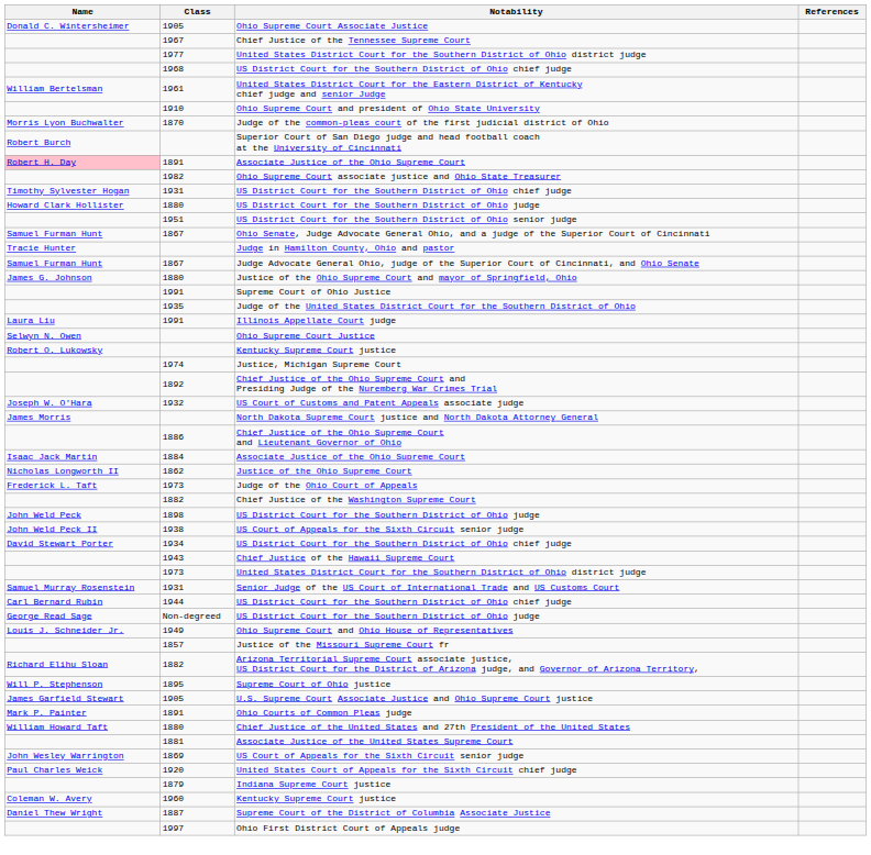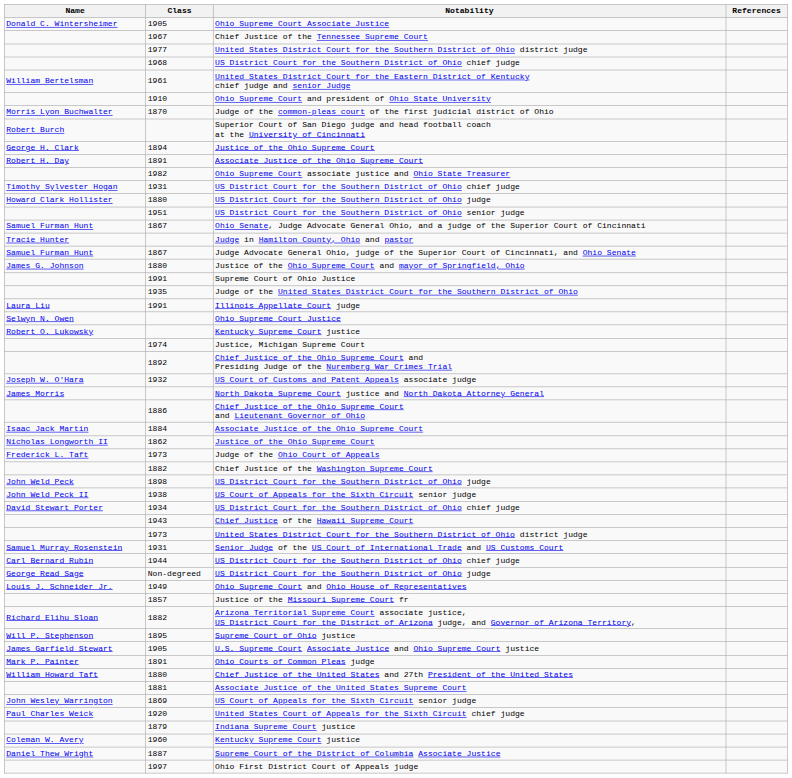 <table class="wikitable sortable" " style="width:100%;">
 <tr>
 <th>Name</th>
 <th>Class</th>
 <th>Notability</th>
 <th>References</th>
 </tr>
 <tr>
 <td><a href='#'>Donald C. Wintersheimer</a></td>
 <td>1905</td>
 <td><a href='#'>Ohio Supreme Court Associate Justice</a></td>
 <td></td>
 </tr>
 <tr>
 <td></td>
 <td>1967</td>
 <td>Chief Justice of the <a href='#'>Tennessee Supreme Court</a></td>
 <td></td>
 </tr>
 <tr>
 <td></td>
 <td>1977</td>
 <td><a href='#'>United States District Court for the Southern District of Ohio</a> district judge</td>
 <td></td>
 </tr>
 <tr>
 <td></td>
 <td>1968</td>
 <td><a href='#'>US District Court for the Southern District of Ohio</a> chief judge</td>
 <td></td>
 </tr>
 <tr>
 <td><a href='#'>William Bertelsman</a></td>
 <td>1961</td>
 <td><a href='#'>United States District Court for the Eastern District of Kentucky</a><br>chief judge and <a href='#'>senior Judge</a></td>
 <td></td>
 </tr>
 <tr>
 <td></td>
 <td>1910</td>
 <td><a href='#'>Ohio Supreme Court</a> and president of <a href='#'>Ohio State University</a></td>
 <td></td>
 </tr>
 <tr>
 <td><a href='#'>Morris Lyon Buchwalter</a></td>
 <td>1870</td>
 <td>Judge of the <a href='#'>common-pleas court</a> of the first judicial district of Ohio</td>
 <td></td>
 </tr>
 <tr>
 <td><a href='#'>Robert Burch</a></td>
 <td></td>
 <td>Superior Court of San Diego judge and head football coach<br>at the <a href='#'>University of Cincinnati</a></td>
 <td></td>
 </tr>
 <tr>
-<td style="background: pink;"><a href='#'>Robert H. Day</a></td>
+<td><a href='#'>George H. Clark</a></td>
+<td>1894</td>
+<td><a href='#'>Justice of the Ohio Supreme Court</a></td>
+<td></td>
+</tr>
+<tr>
+<td><a href='#'>Robert H. Day</a></td>
 <td>1891</td>
 <td><a href='#'>Associate Justice of the Ohio Supreme Court</a></td>
 <td></td>
 </tr>
 <tr>
 <td></td>
 <td>1982</td>
 <td><a href='#'>Ohio Supreme Court</a> associate justice and <a href='#'>Ohio State Treasurer</a></td>
 <td></td>
 </tr>
 <tr>
 <td><a href='#'>Timothy Sylvester Hogan</a></td>
 <td>1931</td>
 <td><a href='#'>US District Court for the Southern District of Ohio</a> chief judge</td>
 <td></td>
 </tr>
 <tr>
 <td><a href='#'>Howard Clark Hollister</a></td>
 <td>1880</td>
 <td><a href='#'>US District Court for the Southern District of Ohio</a> judge</td>
 <td></td>
 </tr>
 <tr>
 <td></td>
 <td>1951</td>
 <td><a href='#'>US District Court for the Southern District of Ohio</a> senior judge</td>
 <td></td>
 </tr>
 <tr>
 <td><a href='#'>Samuel Furman Hunt</a></td>
 <td>1867</td>
 <td><a href='#'>Ohio Senate</a>, Judge Advocate General Ohio, and a judge of the Superior Court of Cincinnati</td>
 <td></td>
 </tr>
 <tr>
 <td><a href='#'>Tracie Hunter</a></td>
 <td></td>
 <td><a href='#'>Judge</a> in <a href='#'>Hamilton County, Ohio</a> and <a href='#'>pastor</a></td>
 <td></td>
 </tr>
 <tr>
 <td><a href='#'>Samuel Furman Hunt</a></td>
 <td>1867</td>
 <td>Judge Advocate General Ohio, judge of the Superior Court of Cincinnati, and <a href='#'>Ohio Senate</a></td>
 <td></td>
 </tr>
 <tr>
 <td><a href='#'>James G. Johnson</a></td>
 <td>1880</td>
 <td>Justice of the <a href='#'>Ohio Supreme Court</a> and <a href='#'>mayor of Springfield, Ohio</a></td>
 <td></td>
 </tr>
 <tr>
 <td></td>
 <td>1991</td>
 <td>Supreme Court of Ohio Justice</td>
 <td></td>
 </tr>
 <tr>
 <td></td>
 <td>1935</td>
 <td>Judge of the <a href='#'>United States District Court for the Southern District of Ohio</a></td>
 <td></td>
 </tr>
 <tr>
 <td><a href='#'>Laura Liu</a></td>
 <td>1991</td>
 <td><a href='#'>Illinois Appellate Court</a> judge</td>
 <td></td>
 </tr>
 <tr>
 <td><a href='#'>Selwyn N. Owen</a></td>
 <td></td>
 <td><a href='#'>Ohio Supreme Court Justice</a></td>
 <td></td>
 </tr>
 <tr>
 <td><a href='#'>Robert O. Lukowsky</a></td>
 <td></td>
 <td><a href='#'>Kentucky Supreme Court</a> justice</td>
 <td></td>
 </tr>
 <tr>
 <td></td>
 <td>1974</td>
 <td>Justice, Michigan Supreme Court</td>
 <td></td>
 </tr>
 <tr>
 <td></td>
 <td>1892</td>
 <td><a href='#'>Chief Justice of the Ohio Supreme Court</a> and<br>Presiding Judge of the <a href='#'>Nuremberg War Crimes Trial</a></td>
 <td></td>
 </tr>
 <tr>
 <td><a href='#'>Joseph W. O'Hara</a></td>
 <td>1932</td>
 <td><a href='#'>US Court of Customs and Patent Appeals</a> associate judge</td>
 <td></td>
 </tr>
 <tr>
 <td><a href='#'>James Morris</a></td>
 <td></td>
 <td><a href='#'>North Dakota Supreme Court</a> justice and <a href='#'>North Dakota Attorney General</a></td>
 <td></td>
 </tr>
 <tr>
 <td></td>
 <td>1886</td>
 <td><a href='#'>Chief Justice of the Ohio Supreme Court</a><br>and <a href='#'>Lieutenant Governor of Ohio</a></td>
 <td></td>
 </tr>
 <tr>
 <td><a href='#'>Isaac Jack Martin</a></td>
 <td>1884</td>
 <td><a href='#'>Associate Justice of the Ohio Supreme Court</a></td>
 <td></td>
 </tr>
 <tr>
 <td><a href='#'>Nicholas Longworth II</a></td>
 <td>1862</td>
 <td><a href='#'>Justice of the Ohio Supreme Court</a></td>
 <td></td>
 </tr>
 <tr>
 <td><a href='#'>Frederick L. Taft</a></td>
 <td>1973</td>
 <td>Judge of the <a href='#'>Ohio Court of Appeals</a></td>
 <td></td>
 </tr>
 <tr>
 <td></td>
 <td>1882</td>
 <td>Chief Justice of the <a href='#'>Washington Supreme Court</a></td>
 <td></td>
 </tr>
 <tr>
 <td><a href='#'>John Weld Peck</a></td>
 <td>1898</td>
 <td><a href='#'>US District Court for the Southern District of Ohio</a> judge</td>
 <td></td>
 </tr>
 <tr>
 <td><a href='#'>John Weld Peck II</a></td>
 <td>1938</td>
 <td><a href='#'>US Court of Appeals for the Sixth Circuit</a> senior judge</td>
 <td></td>
 </tr>
 <tr>
 <td><a href='#'>David Stewart Porter</a></td>
 <td>1934</td>
 <td><a href='#'>US District Court for the Southern District of Ohio</a> chief judge</td>
 <td></td>
 </tr>
 <tr>
 <td></td>
 <td>1943</td>
 <td><a href='#'>Chief Justice</a> of the <a href='#'>Hawaii Supreme Court</a></td>
 <td></td>
 </tr>
 <tr>
 <td></td>
 <td>1973</td>
 <td><a href='#'>United States District Court for the Southern District of Ohio</a> district judge</td>
 <td></td>
 </tr>
 <tr>
 <td><a href='#'>Samuel Murray Rosenstein</a></td>
 <td>1931</td>
 <td><a href='#'>Senior Judge</a> of the <a href='#'>US Court of International Trade</a> and <a href='#'>US Customs Court</a></td>
 <td></td>
 </tr>
 <tr>
 <td><a href='#'>Carl Bernard Rubin</a></td>
 <td>1944</td>
 <td><a href='#'>US District Court for the Southern District of Ohio</a> chief judge</td>
 <td></td>
 </tr>
 <tr>
 <td><a href='#'>George Read Sage</a></td>
 <td>Non-degreed</td>
 <td><a href='#'>US District Court for the Southern District of Ohio</a> judge</td>
 <td></td>
 </tr>
 <tr>
 <td><a href='#'>Louis J. Schneider Jr.</a></td>
 <td>1949</td>
 <td><a href='#'>Ohio Supreme Court</a> and <a href='#'>Ohio House of Representatives</a></td>
 <td></td>
 </tr>
 <tr>
 <td></td>
 <td>1857</td>
 <td>Justice of the <a href='#'>Missouri Supreme Court</a> fr</td>
 <td></td>
 </tr>
 <tr>
 <td><a href='#'>Richard Elihu Sloan</a></td>
 <td>1882</td>
 <td><a href='#'>Arizona Territorial Supreme Court</a> associate justice,<br><a href='#'>US District Court for the District of Arizona</a> judge,  and <a href='#'>Governor of Arizona Territory</a>,</td>
 <td></td>
 </tr>
 <tr>
 <td><a href='#'>Will P. Stephenson</a></td>
 <td>1895</td>
 <td><a href='#'>Supreme Court of Ohio</a> justice</td>
 <td></td>
 </tr>
 <tr>
 <td><a href='#'>James Garfield Stewart</a></td>
 <td>1905</td>
 <td><a href='#'>U.S. Supreme Court</a> <a href='#'>Associate Justice</a> and <a href='#'>Ohio Supreme Court</a> justice</td>
 <td></td>
 </tr>
 <tr>
 <td><a href='#'>Mark P. Painter</a></td>
 <td>1891</td>
 <td><a href='#'>Ohio Courts of Common Pleas</a> judge</td>
 <td></td>
 </tr>
 <tr>
 <td><a href='#'>William Howard Taft</a></td>
 <td>1880</td>
 <td><a href='#'>Chief Justice of the United States</a> and 27th <a href='#'>President of the United States</a></td>
 <td></td>
 </tr>
 <tr>
 <td></td>
 <td>1881</td>
 <td><a href='#'>Associate Justice of the United States Supreme Court</a></td>
 <td></td>
 </tr>
 <tr>
 <td><a href='#'>John Wesley Warrington</a></td>
 <td>1869</td>
 <td><a href='#'>US Court of Appeals for the Sixth Circuit</a> senior judge</td>
 <td></td>
 </tr>
 <tr>
 <td><a href='#'>Paul Charles Weick</a></td>
 <td>1920</td>
 <td><a href='#'>United States Court of Appeals for the Sixth Circuit</a> chief judge</td>
 <td></td>
 </tr>
 <tr>
 <td></td>
 <td>1879</td>
 <td><a href='#'>Indiana Supreme Court</a> justice</td>
 <td></td>
 </tr>
 <tr>
 <td><a href='#'>Coleman W. Avery</a></td>
 <td>1960</td>
 <td><a href='#'>Kentucky Supreme Court</a> justice</td>
 <td></td>
 </tr>
 <tr>
 <td><a href='#'>Daniel Thew Wright</a></td>
 <td>1887</td>
 <td><a href='#'>Supreme Court of the District of Columbia</a> <a href='#'>Associate Justice</a></td>
 <td></td>
 </tr>
 <tr>
 <td></td>
 <td>1997</td>
 <td>Ohio First District Court of Appeals judge</td>
 <td></td>
 </tr>
 </table>
